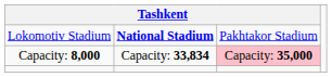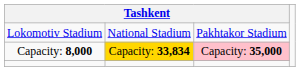 <table class="wikitable" style="text-align:center">
 <tr>
 <th colspan="3"><a href='#'>Tashkent</a></th>
 <td rowspan=4></td>
 </tr>
 <tr>
 <td><a href='#'>Lokomotiv Stadium</a></td>
-<td><strong><a href='#'>National Stadium</a></strong></td>
+<td><a href='#'>National Stadium</a></td>
 <td><a href='#'>Pakhtakor Stadium</a></td>
 </tr>
 <tr>
 <td>Capacity: <strong>	8,000</strong></td>
-<td>Capacity: <strong>33,834</strong></td>
+<td style="background: gold;">Capacity: <strong>33,834</strong></td>
 <td style="background: pink;">Capacity: <strong>35,000</strong></td>
 </tr>
 <tr>
 <td></td>
 <td></td>
 <td></td>
 </tr>
 </table>
